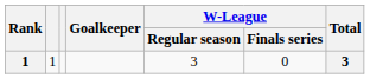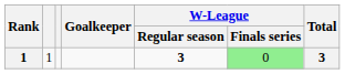 <table class="wikitable" style="text-align:center">
 <tr>
 <th rowspan="2">Rank</th>
 <th rowspan="2"></th>
 <th rowspan="2"></th>
 <th rowspan="2">Goalkeeper</th>
 <th colspan="2"><a href='#'>W-League</a></th>
 <th rowspan="2">Total</th>
 </tr>
 <tr>
 <th>Regular season</th>
 <th>Finals series</th>
 </tr>
 <tr>
 <th>1</th>
 <td>1</td>
 <td></td>
 <td align="left"></td>
-<td>3</td>
-<td>0</td>
+<td><strong>3</strong></td>
+<td style="background: lightgreen;">0</td>
 <th>3</th>
 </tr>
 </table>
